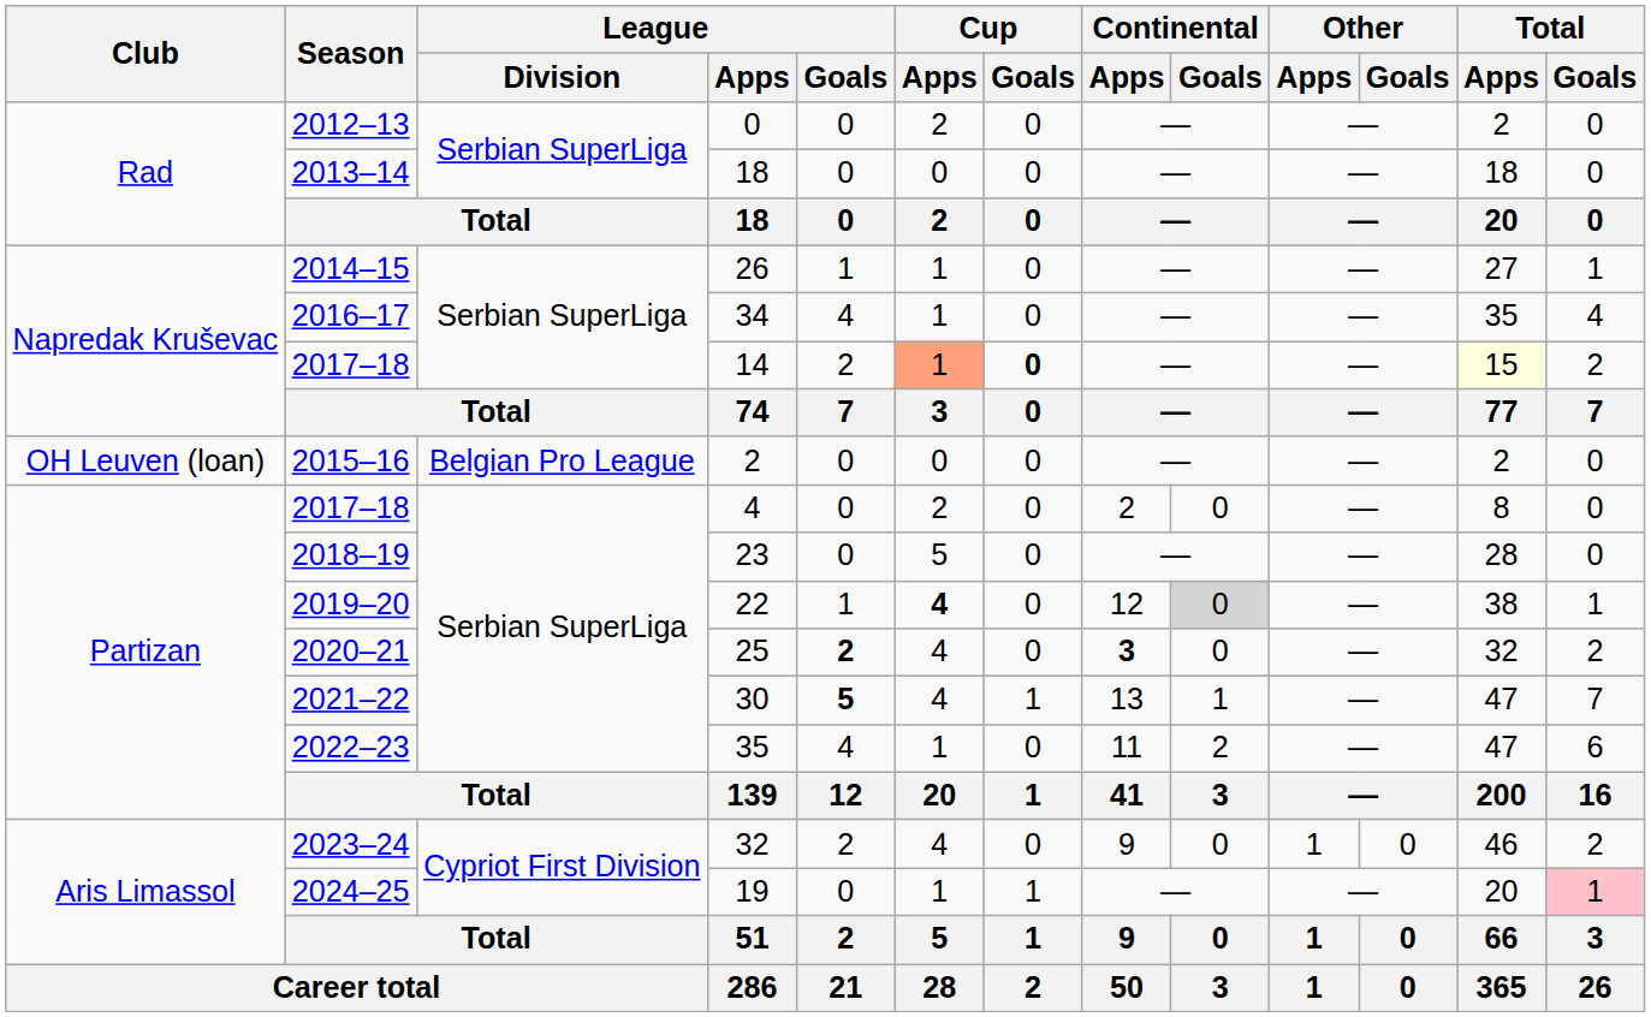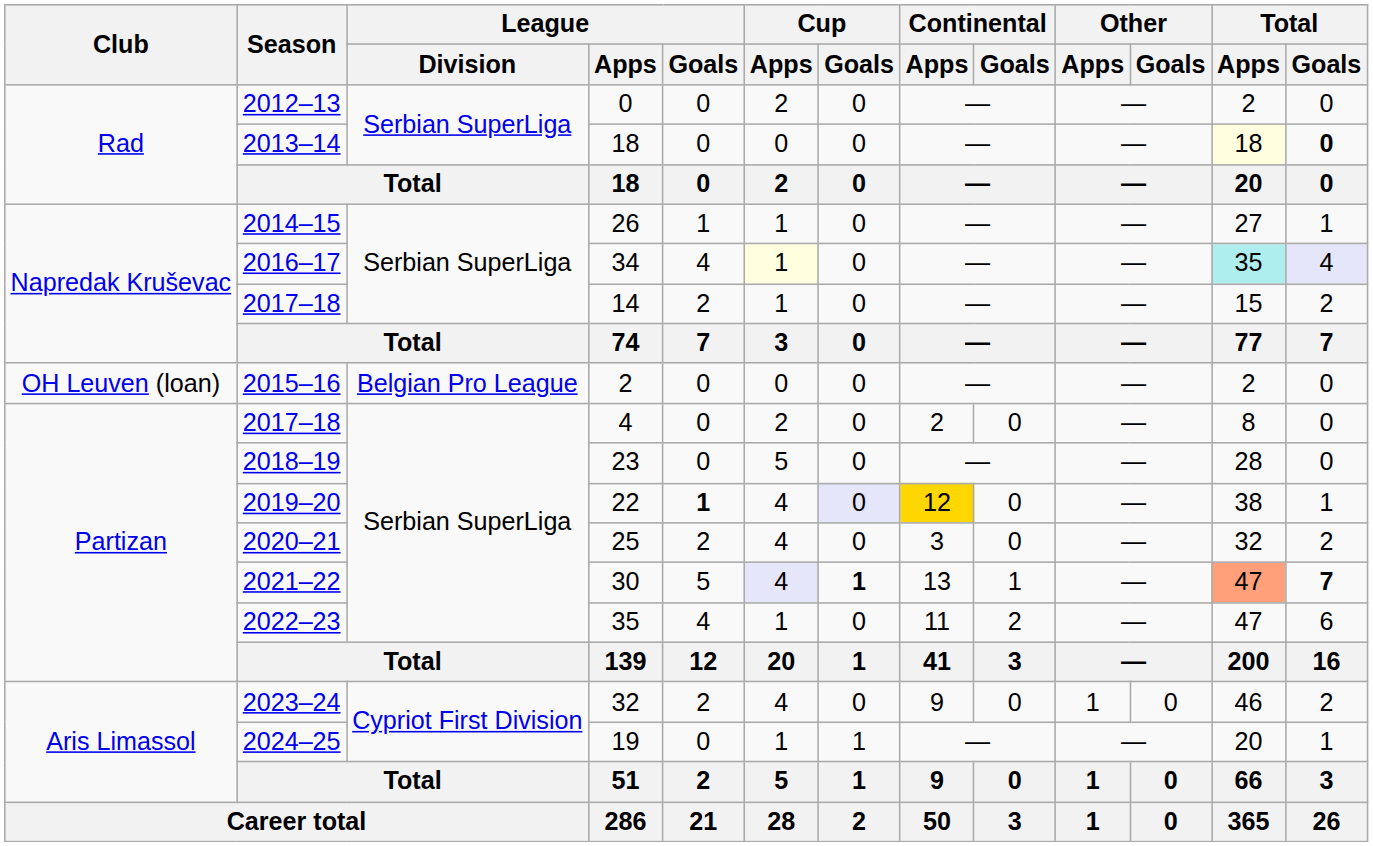 <table class="wikitable" style="text-align:center">
 <tr>
 <th rowspan="2">Club</th>
 <th rowspan="2">Season</th>
 <th colspan="3">League</th>
 <th colspan="2">Cup</th>
 <th colspan="2">Continental</th>
 <th colspan="2">Other</th>
 <th colspan="2">Total</th>
 </tr>
 <tr>
 <th>Division</th>
 <th>Apps</th>
 <th>Goals</th>
 <th>Apps</th>
 <th>Goals</th>
 <th>Apps</th>
 <th>Goals</th>
 <th>Apps</th>
 <th>Goals</th>
 <th>Apps</th>
 <th>Goals</th>
 </tr>
 <tr>
 <td rowspan="3"><a href='#'>Rad</a></td>
 <td><a href='#'>2012–13</a></td>
 <td rowspan="2"><a href='#'>Serbian SuperLiga</a></td>
 <td>0</td>
 <td>0</td>
 <td>2</td>
 <td>0</td>
 <td colspan="2">—</td>
 <td colspan="2">—</td>
 <td>2</td>
 <td>0</td>
 </tr>
 <tr>
 <td><a href='#'>2013–14</a></td>
 <td>18</td>
 <td>0</td>
 <td>0</td>
 <td>0</td>
 <td colspan="2">—</td>
 <td colspan="2">—</td>
-<td>18</td>
-<td>0</td>
+<td style="background: lightyellow;">18</td>
+<td><strong>0</strong></td>
 </tr>
 <tr>
 <th colspan="2">Total</th>
 <th>18</th>
 <th>0</th>
 <th>2</th>
 <th>0</th>
 <th colspan="2">—</th>
 <th colspan="2">—</th>
 <th>20</th>
 <th>0</th>
 </tr>
 <tr>
 <td rowspan="4"><a href='#'>Napredak Kruševac</a></td>
 <td><a href='#'>2014–15</a></td>
 <td rowspan="3">Serbian SuperLiga</td>
 <td>26</td>
 <td>1</td>
 <td>1</td>
 <td>0</td>
 <td colspan="2">—</td>
 <td colspan="2">—</td>
 <td>27</td>
 <td>1</td>
 </tr>
 <tr>
 <td><a href='#'>2016–17</a></td>
 <td>34</td>
 <td>4</td>
-<td>1</td>
+<td style="background: lightyellow;">1</td>
 <td>0</td>
 <td colspan="2">—</td>
 <td colspan="2">—</td>
-<td>35</td>
-<td>4</td>
+<td style="background: paleturquoise;">35</td>
+<td style="background: lavender;">4</td>
 </tr>
 <tr>
 <td><a href='#'>2017–18</a></td>
 <td>14</td>
 <td>2</td>
-<td style="background: lightsalmon;">1</td>
-<td><strong>0</strong></td>
+<td>1</td>
+<td>0</td>
 <td colspan="2">—</td>
 <td colspan="2">—</td>
-<td style="background: lightyellow;">15</td>
+<td>15</td>
 <td>2</td>
 </tr>
 <tr>
 <th colspan="2">Total</th>
 <th>74</th>
 <th>7</th>
 <th>3</th>
 <th>0</th>
 <th colspan="2">—</th>
 <th colspan="2">—</th>
 <th>77</th>
 <th>7</th>
 </tr>
 <tr>
 <td><a href='#'>OH Leuven</a> (loan)</td>
 <td><a href='#'>2015–16</a></td>
 <td><a href='#'>Belgian Pro League</a></td>
 <td>2</td>
 <td>0</td>
 <td>0</td>
 <td>0</td>
 <td colspan="2">—</td>
 <td colspan="2">—</td>
 <td>2</td>
 <td>0</td>
 </tr>
 <tr>
 <td rowspan="7"><a href='#'>Partizan</a></td>
 <td><a href='#'>2017–18</a></td>
 <td rowspan="6">Serbian SuperLiga</td>
 <td>4</td>
 <td>0</td>
 <td>2</td>
 <td>0</td>
 <td>2</td>
 <td>0</td>
 <td colspan="2">—</td>
 <td>8</td>
 <td>0</td>
 </tr>
 <tr>
 <td><a href='#'>2018–19</a></td>
 <td>23</td>
 <td>0</td>
 <td>5</td>
 <td>0</td>
 <td colspan="2">—</td>
 <td colspan="2">—</td>
 <td>28</td>
 <td>0</td>
 </tr>
 <tr>
 <td><a href='#'>2019–20</a></td>
 <td>22</td>
-<td>1</td>
-<td><strong>4</strong></td>
+<td><strong>1</strong></td>
+<td>4</td>
+<td style="background: lavender;">0</td>
+<td style="background: gold;">12</td>
 <td>0</td>
-<td>12</td>
-<td style="background: lightgrey;">0</td>
 <td colspan="2">—</td>
 <td>38</td>
 <td>1</td>
 </tr>
 <tr>
 <td><a href='#'>2020–21</a></td>
 <td>25</td>
-<td><strong>2</strong></td>
+<td>2</td>
 <td>4</td>
 <td>0</td>
-<td><strong>3</strong></td>
+<td>3</td>
 <td>0</td>
 <td colspan="2">—</td>
 <td>32</td>
 <td>2</td>
 </tr>
 <tr>
 <td><a href='#'>2021–22</a></td>
 <td>30</td>
-<td><strong>5</strong></td>
-<td>4</td>
-<td>1</td>
+<td>5</td>
+<td style="background: lavender;">4</td>
+<td><strong>1</strong></td>
 <td>13</td>
 <td>1</td>
 <td colspan="2">—</td>
-<td>47</td>
-<td>7</td>
+<td style="background: lightsalmon;">47</td>
+<td><strong>7</strong></td>
 </tr>
 <tr>
 <td><a href='#'>2022–23</a></td>
 <td>35</td>
 <td>4</td>
 <td>1</td>
 <td>0</td>
 <td>11</td>
 <td>2</td>
 <td colspan="2">—</td>
 <td>47</td>
 <td>6</td>
 </tr>
 <tr>
 <th colspan="2">Total</th>
 <th>139</th>
 <th>12</th>
 <th>20</th>
 <th>1</th>
 <th>41</th>
 <th>3</th>
 <th colspan="2">—</th>
 <th>200</th>
 <th>16</th>
 </tr>
 <tr>
 <td rowspan="3"><a href='#'>Aris Limassol</a></td>
 <td><a href='#'>2023–24</a></td>
 <td rowspan="2"><a href='#'>Cypriot First Division</a></td>
 <td>32</td>
 <td>2</td>
 <td>4</td>
 <td>0</td>
 <td>9</td>
 <td>0</td>
 <td>1</td>
 <td>0</td>
 <td>46</td>
 <td>2</td>
 </tr>
 <tr>
 <td><a href='#'>2024–25</a></td>
 <td>19</td>
 <td>0</td>
 <td>1</td>
 <td>1</td>
 <td colspan="2">—</td>
 <td colspan="2">—</td>
 <td>20</td>
-<td style="background: pink;">1</td>
+<td>1</td>
 </tr>
 <tr>
 <th colspan="2">Total</th>
 <th>51</th>
 <th>2</th>
 <th>5</th>
 <th>1</th>
 <th>9</th>
 <th>0</th>
 <th>1</th>
 <th>0</th>
 <th>66</th>
 <th>3</th>
 </tr>
 <tr>
 <th colspan="3">Career total</th>
 <th>286</th>
 <th>21</th>
 <th>28</th>
 <th>2</th>
 <th>50</th>
 <th>3</th>
 <th>1</th>
 <th>0</th>
 <th>365</th>
 <th>26</th>
 </tr>
 </table>
